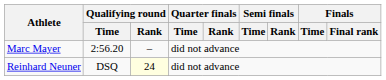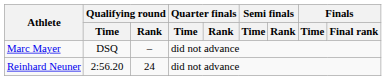 <table class="wikitable" style="font-size:90%">
 <tr>
 <th rowspan="2">Athlete</th>
 <th colspan="2">Qualifying round</th>
 <th colspan="2">Quarter finals</th>
 <th colspan="2">Semi finals</th>
 <th colspan="2">Finals</th>
 </tr>
 <tr>
 <th>Time</th>
 <th>Rank</th>
 <th>Time</th>
 <th>Rank</th>
 <th>Time</th>
 <th>Rank</th>
 <th>Time</th>
 <th>Final rank</th>
 </tr>
 <tr>
 <td><a href='#'>Marc Mayer</a></td>
-<td align="center">2:56.20</td>
+<td align="center">DSQ</td>
 <td align="center">–</td>
 <td colspan="6">did not advance</td>
 </tr>
 <tr>
 <td><a href='#'>Reinhard Neuner</a></td>
-<td align="center">DSQ</td>
-<td align="center" style="background: lightyellow;">24</td>
+<td align="center">2:56.20</td>
+<td align="center">24</td>
 <td colspan="6">did not advance</td>
 </tr>
 </table>
